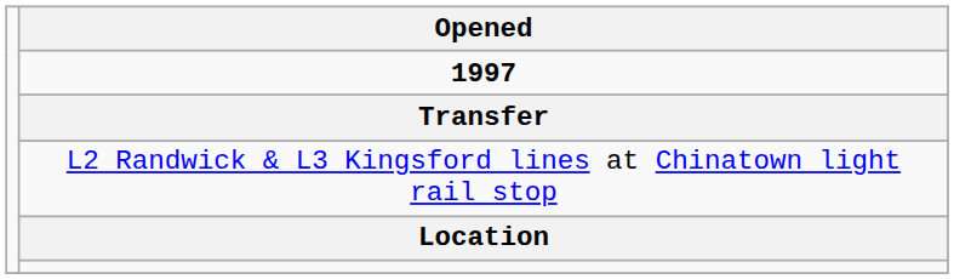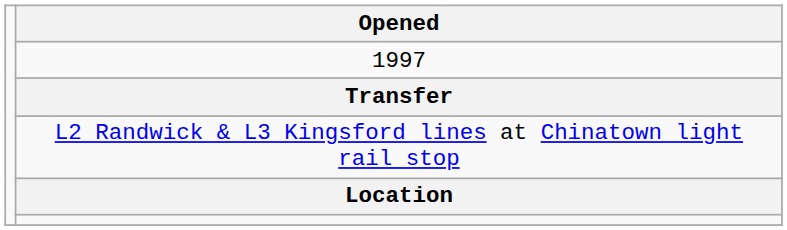 <table class=wikitable style="text-align: center; width: 450px; float:right">
 <tr>
 <td rowspan="6"></td>
 <th>Opened</th>
 </tr>
 <tr>
-<td><strong>1997</strong></td>
+<td>1997</td>
 </tr>
 <tr>
 <th>Transfer</th>
 </tr>
 <tr>
 <td><a href='#'>L2 Randwick & L3 Kingsford lines</a> at <a href='#'>Chinatown light rail stop</a></td>
 </tr>
 <tr>
 <th>Location</th>
 </tr>
 <tr>
 <td></td>
 </tr>
 </table>
